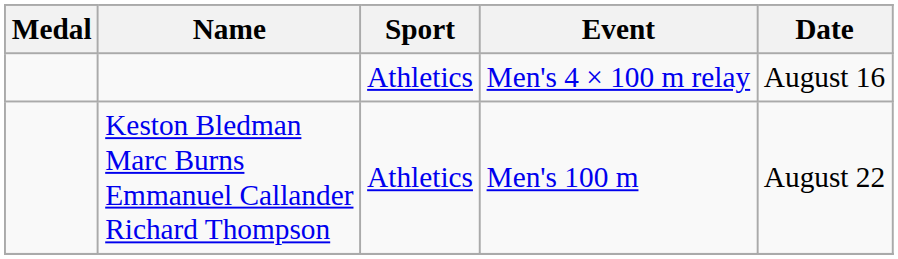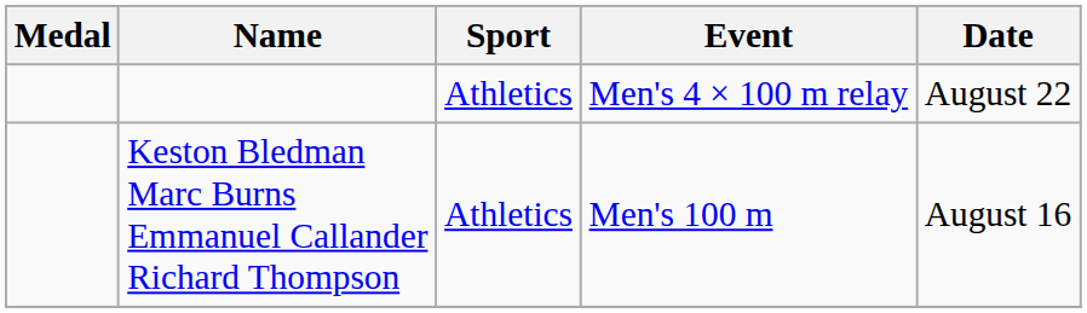 <table class="wikitable sortable" style="font-size:95%">
 <tr>
 <th>Medal</th>
 <th>Name</th>
 <th>Sport</th>
 <th>Event</th>
 <th>Date</th>
 </tr>
 <tr>
 <td></td>
 <td></td>
 <td><a href='#'>Athletics</a></td>
 <td><a href='#'>Men's 4 × 100 m relay</a></td>
-<td>August 16</td>
+<td>August 22</td>
 </tr>
 <tr>
 <td></td>
 <td><a href='#'>Keston Bledman</a><br><a href='#'>Marc Burns</a><br><a href='#'>Emmanuel Callander</a><br><a href='#'>Richard Thompson</a></td>
 <td><a href='#'>Athletics</a></td>
 <td><a href='#'>Men's 100 m</a></td>
-<td>August 22</td>
+<td>August 16</td>
 </tr>
 <tr>
 </tr>
 </table>
